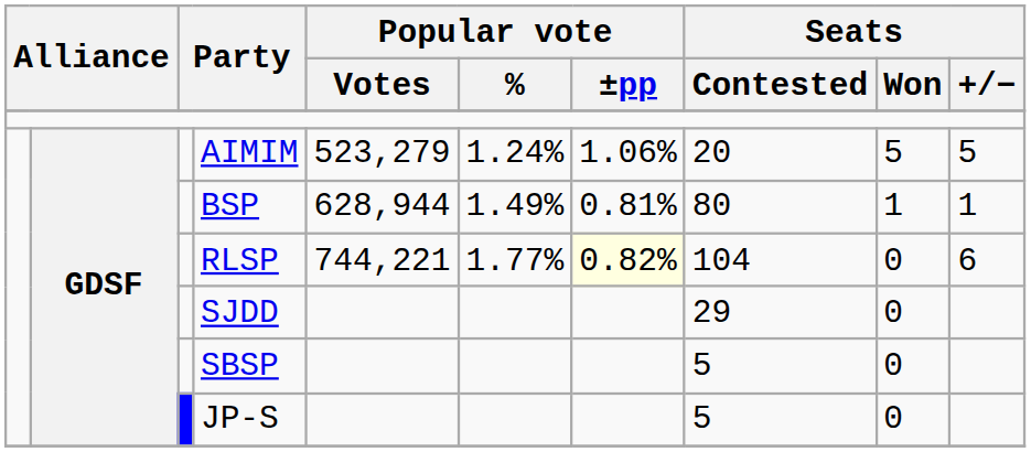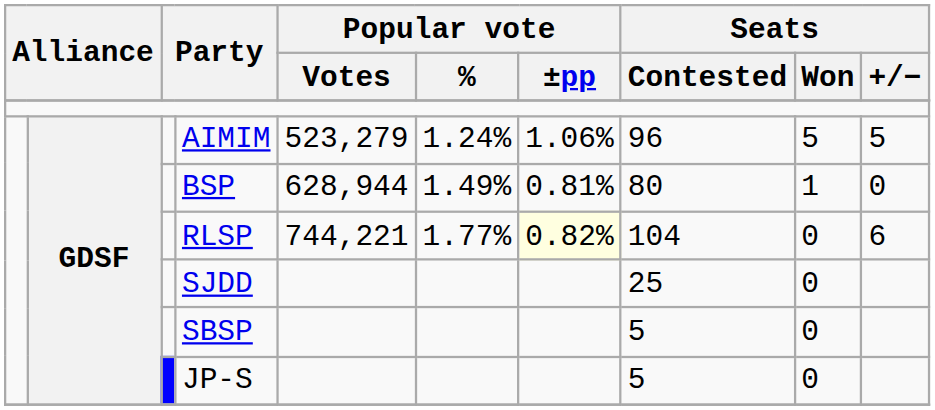 <table class="wikitable">
 <tr>
 <th colspan="2" rowspan="2">Alliance</th>
 <th colspan="2" rowspan="2">Party</th>
 <th colspan="3">Popular vote</th>
 <th colspan="3">Seats</th>
 </tr>
 <tr>
 <th>Votes</th>
 <th>%</th>
 <th>±<a href='#'>pp</a></th>
 <th>Contested</th>
 <th>Won</th>
 <th><strong>+/−</strong></th>
 </tr>
 <tr>
 </tr>
 <tr>
 <td colspan=10></td>
 </tr>
 <tr>
 <td rowspan=6></td>
 <th rowspan=6>GDSF</th>
 <td></td>
 <td><a href='#'>AIMIM</a></td>
 <td>523,279</td>
 <td>1.24%</td>
 <td>1.06%</td>
-<td>20</td>
+<td>96</td>
 <td>5</td>
 <td> 5</td>
 </tr>
 <tr>
 <td></td>
 <td><a href='#'>BSP</a></td>
 <td>628,944</td>
 <td>1.49%</td>
 <td>0.81%</td>
 <td>80</td>
 <td>1</td>
-<td> 1</td>
+<td> 0</td>
 </tr>
 <tr>
 <td></td>
 <td><a href='#'>RLSP</a></td>
 <td>744,221</td>
 <td>1.77%</td>
 <td style="background: lightyellow;">0.82%</td>
 <td>104</td>
 <td>0</td>
 <td> 6</td>
 </tr>
 <tr>
 <td></td>
 <td><a href='#'>SJDD</a></td>
 <td></td>
 <td></td>
 <td></td>
-<td>29</td>
+<td>25</td>
 <td>0</td>
 <td></td>
 </tr>
 <tr>
 <td></td>
 <td><a href='#'>SBSP</a></td>
 <td></td>
 <td></td>
 <td></td>
 <td>5</td>
 <td>0</td>
 <td></td>
 </tr>
 <tr>
 <td bgcolor="blue"></td>
 <td Janvadi Party (Socialist)>JP-S</td>
 <td></td>
 <td></td>
 <td></td>
 <td>5</td>
 <td>0</td>
 <td></td>
 </tr>
 <tr>
 </tr>
 </table>
